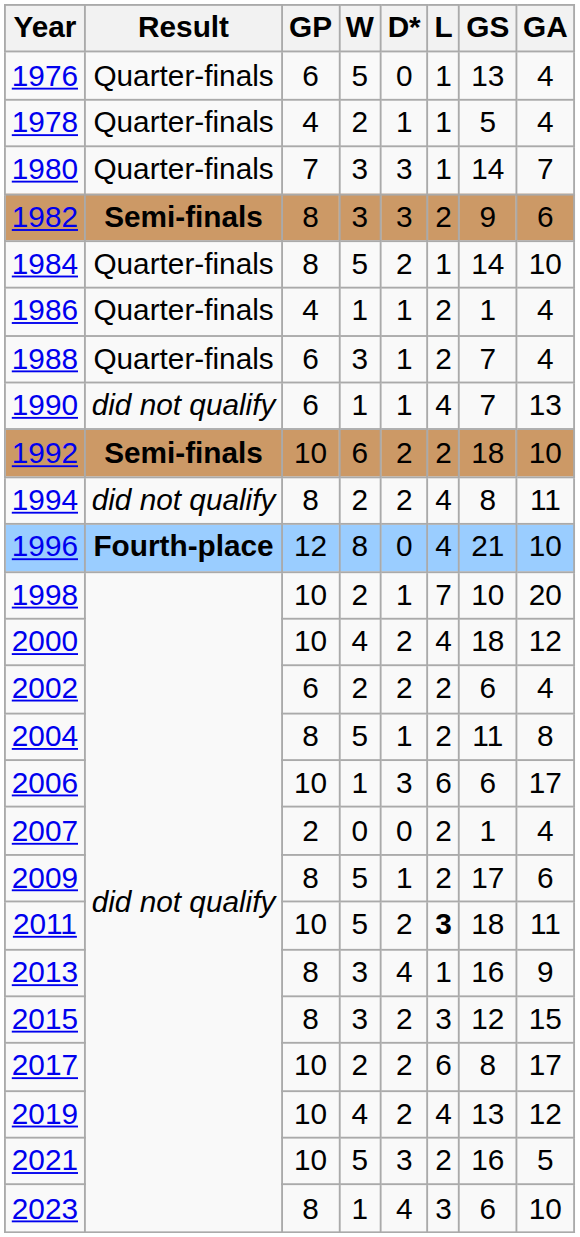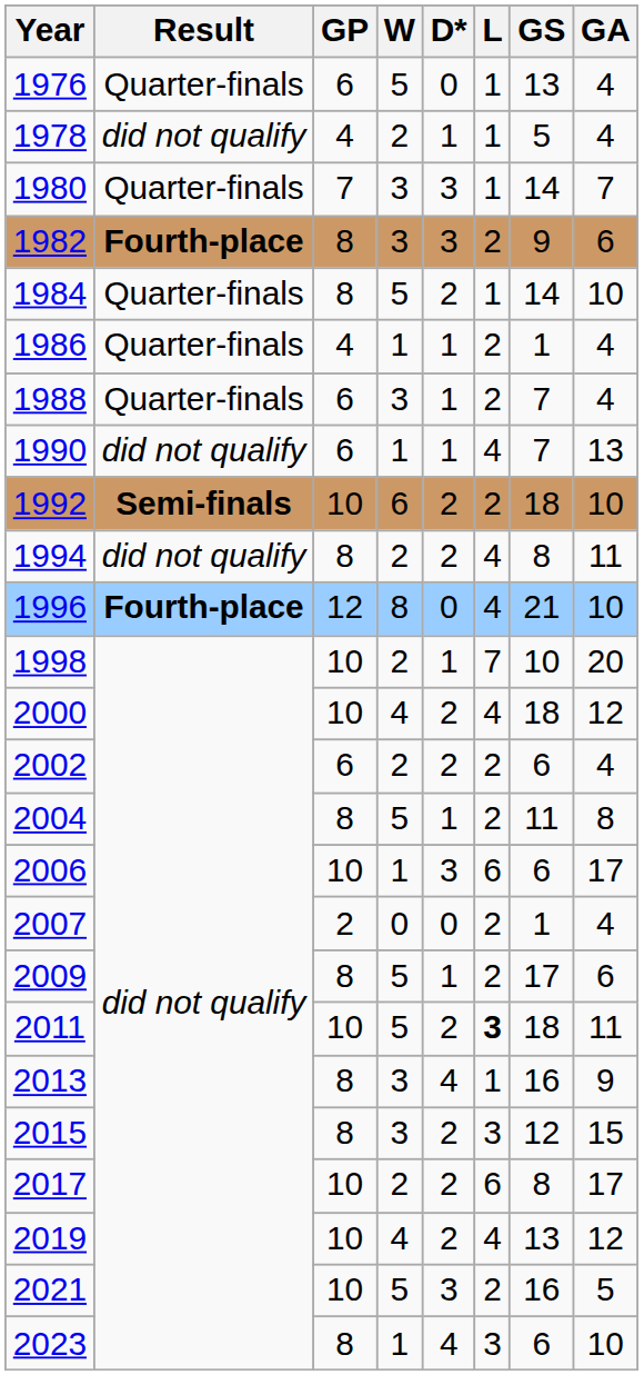 <table class=wikitable style="text-align: center;">
 <tr>
 <th>Year</th>
 <th>Result</th>
 <th>GP</th>
 <th>W</th>
 <th>D*</th>
 <th>L</th>
 <th>GS</th>
 <th>GA</th>
 </tr>
 <tr>
 <td> <a href='#'>1976</a></td>
 <td>Quarter-finals</td>
 <td>6</td>
 <td>5</td>
 <td>0</td>
 <td>1</td>
 <td>13</td>
 <td>4</td>
 </tr>
 <tr>
 <td> <a href='#'>1978</a></td>
-<td>Quarter-finals</td>
+<td><em>did not qualify</em></td>
 <td>4</td>
 <td>2</td>
 <td>1</td>
 <td>1</td>
 <td>5</td>
 <td>4</td>
 </tr>
 <tr>
 <td> <a href='#'>1980</a></td>
 <td>Quarter-finals</td>
 <td>7</td>
 <td>3</td>
 <td>3</td>
 <td>1</td>
 <td>14</td>
 <td>7</td>
 </tr>
 <tr bgcolor="#cc9966">
 <td> <a href='#'>1982</a></td>
-<td><strong>Semi-finals</strong></td>
+<td><strong>Fourth-place</strong></td>
 <td>8</td>
 <td>3</td>
 <td>3</td>
 <td>2</td>
 <td>9</td>
 <td>6</td>
 </tr>
 <tr>
 <td> <a href='#'>1984</a></td>
 <td>Quarter-finals</td>
 <td>8</td>
 <td>5</td>
 <td>2</td>
 <td>1</td>
 <td>14</td>
 <td>10</td>
 </tr>
 <tr>
 <td> <a href='#'>1986</a></td>
 <td>Quarter-finals</td>
 <td>4</td>
 <td>1</td>
 <td>1</td>
 <td>2</td>
 <td>1</td>
 <td>4</td>
 </tr>
 <tr>
 <td> <a href='#'>1988</a></td>
 <td>Quarter-finals</td>
 <td>6</td>
 <td>3</td>
 <td>1</td>
 <td>2</td>
 <td>7</td>
 <td>4</td>
 </tr>
 <tr>
 <td> <a href='#'>1990</a></td>
 <td><em>did not qualify</em></td>
 <td>6</td>
 <td>1</td>
 <td>1</td>
 <td>4</td>
 <td>7</td>
 <td>13</td>
 </tr>
 <tr bgcolor="#cc9966">
 <td> <a href='#'>1992</a></td>
 <td><strong>Semi-finals</strong></td>
 <td>10</td>
 <td>6</td>
 <td>2</td>
 <td>2</td>
 <td>18</td>
 <td>10</td>
 </tr>
 <tr>
 <td> <a href='#'>1994</a></td>
 <td><em>did not qualify</em></td>
 <td>8</td>
 <td>2</td>
 <td>2</td>
 <td>4</td>
 <td>8</td>
 <td>11</td>
 </tr>
 <tr style="background:#9acdff">
 <td> <a href='#'>1996</a></td>
 <td><strong>Fourth-place</strong></td>
 <td>12</td>
 <td>8</td>
 <td>0</td>
 <td>4</td>
 <td>21</td>
 <td>10</td>
 </tr>
 <tr>
 <td> <a href='#'>1998</a></td>
 <td rowspan=14><em>did not qualify</em></td>
 <td>10</td>
 <td>2</td>
 <td>1</td>
 <td>7</td>
 <td>10</td>
 <td>20</td>
 </tr>
 <tr>
 <td> <a href='#'>2000</a></td>
 <td>10</td>
 <td>4</td>
 <td>2</td>
 <td>4</td>
 <td>18</td>
 <td>12</td>
 </tr>
 <tr>
 <td> <a href='#'>2002</a></td>
 <td>6</td>
 <td>2</td>
 <td>2</td>
 <td>2</td>
 <td>6</td>
 <td>4</td>
 </tr>
 <tr>
 <td> <a href='#'>2004</a></td>
 <td>8</td>
 <td>5</td>
 <td>1</td>
 <td>2</td>
 <td>11</td>
 <td>8</td>
 </tr>
 <tr>
 <td> <a href='#'>2006</a></td>
 <td>10</td>
 <td>1</td>
 <td>3</td>
 <td>6</td>
 <td>6</td>
 <td>17</td>
 </tr>
 <tr>
 <td> <a href='#'>2007</a></td>
 <td>2</td>
 <td>0</td>
 <td>0</td>
 <td>2</td>
 <td>1</td>
 <td>4</td>
 </tr>
 <tr>
 <td> <a href='#'>2009</a></td>
 <td>8</td>
 <td>5</td>
 <td>1</td>
 <td>2</td>
 <td>17</td>
 <td>6</td>
 </tr>
 <tr>
 <td> <a href='#'>2011</a></td>
 <td>10</td>
 <td>5</td>
 <td>2</td>
 <td><strong>3</strong></td>
 <td>18</td>
 <td>11</td>
 </tr>
 <tr>
 <td> <a href='#'>2013</a></td>
 <td>8</td>
 <td>3</td>
 <td>4</td>
 <td>1</td>
 <td>16</td>
 <td>9</td>
 </tr>
 <tr>
 <td> <a href='#'>2015</a></td>
 <td>8</td>
 <td>3</td>
 <td>2</td>
 <td>3</td>
 <td>12</td>
 <td>15</td>
 </tr>
 <tr>
 <td> <a href='#'>2017</a></td>
 <td>10</td>
 <td>2</td>
 <td>2</td>
 <td>6</td>
 <td>8</td>
 <td>17</td>
 </tr>
 <tr>
 <td> <a href='#'>2019</a></td>
 <td>10</td>
 <td>4</td>
 <td>2</td>
 <td>4</td>
 <td>13</td>
 <td>12</td>
 </tr>
 <tr>
 <td> <a href='#'>2021</a></td>
 <td>10</td>
 <td>5</td>
 <td>3</td>
 <td>2</td>
 <td>16</td>
 <td>5</td>
 </tr>
 <tr>
 <td> <a href='#'>2023</a></td>
 <td>8</td>
 <td>1</td>
 <td>4</td>
 <td>3</td>
 <td>6</td>
 <td>10</td>
 </tr>
 <tr>
 </tr>
 </table>
